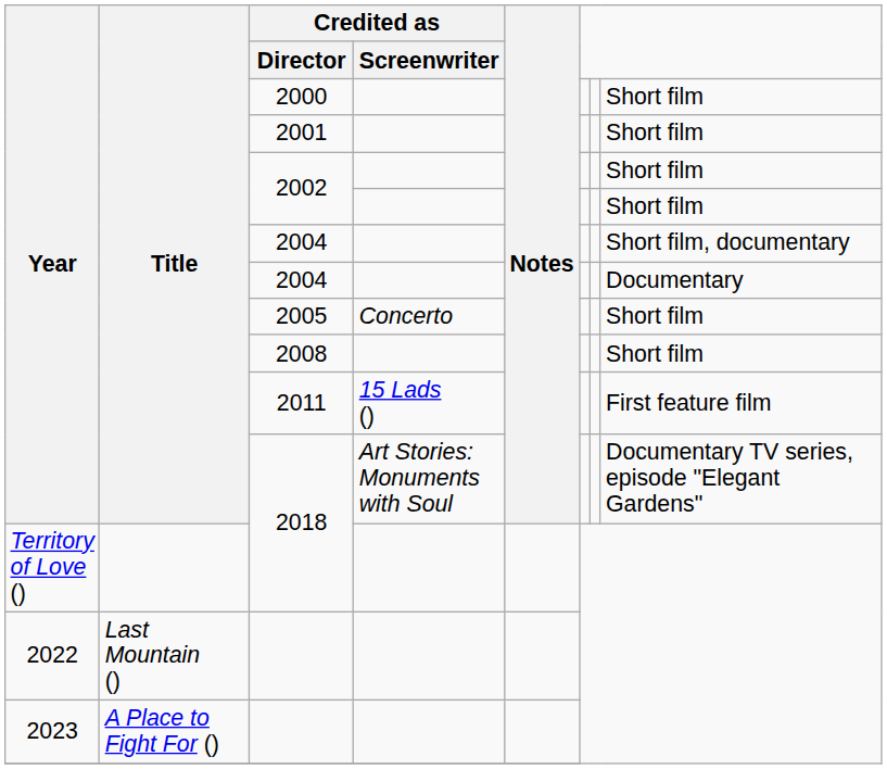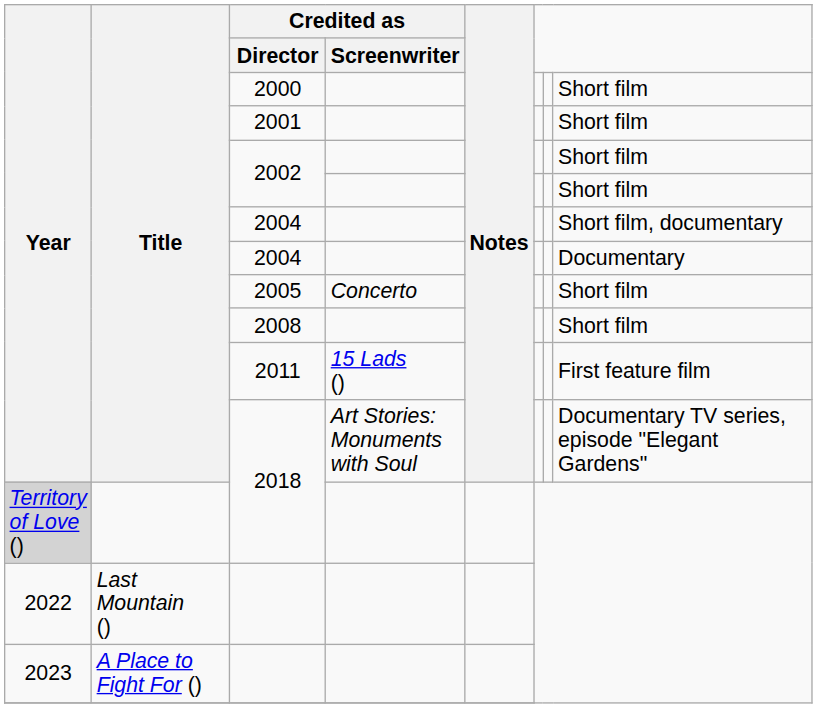 <table class="wikitable sortable">
 <tr>
 <th rowspan=12 width="33">Year</th>
 <th rowspan=12>Title</th>
 <th colspan=2>Credited as</th>
 <th rowspan=12>Notes</th>
 </tr>
 <tr>
 <th width=65>Director</th>
 <th width=65>Screenwriter</th>
 </tr>
 <tr>
 <td align="center">2000</td>
 <td></td>
 <td></td>
 <td></td>
 <td>Short film</td>
 </tr>
 <tr>
 <td align="center">2001</td>
 <td></td>
 <td></td>
 <td></td>
 <td>Short film</td>
 </tr>
 <tr>
 <td align="center" rowspan=2>2002</td>
 <td></td>
 <td></td>
 <td></td>
 <td>Short film</td>
 </tr>
 <tr>
 <td></td>
 <td></td>
 <td></td>
 <td>Short film</td>
 </tr>
 <tr>
 <td align="center">2004</td>
 <td></td>
 <td></td>
 <td></td>
 <td>Short film, documentary</td>
 </tr>
 <tr>
 <td align="center">2004</td>
 <td></td>
 <td></td>
 <td></td>
 <td>Documentary</td>
 </tr>
 <tr>
 <td align="center">2005</td>
 <td><em>Concerto</em></td>
 <td></td>
 <td></td>
 <td>Short film</td>
 </tr>
 <tr>
 <td align="center">2008</td>
 <td></td>
 <td></td>
 <td></td>
 <td>Short film</td>
 </tr>
 <tr>
 <td align="center">2011</td>
 <td><em><a href='#'>15 Lads</a></em> <br> ()</td>
 <td></td>
 <td></td>
 <td>First feature film</td>
 </tr>
 <tr>
 <td align="center" rowspan=2>2018</td>
 <td><em>Art Stories: Monuments with Soul</em></td>
 <td></td>
 <td></td>
 <td>Documentary TV series, episode "Elegant Gardens"</td>
 </tr>
 <tr>
-<td><em><a href='#'>Territory of Love</a></em> <br> ()</td>
+<td style="background: lightgrey;"><em><a href='#'>Territory of Love</a></em> <br> ()</td>
 <td></td>
 <td></td>
 <td></td>
 </tr>
 <tr>
 <td align="center">2022</td>
 <td><em>Last Mountain</em> <br> ()</td>
 <td></td>
 <td></td>
 <td></td>
 </tr>
 <tr>
 <td align="center">2023</td>
 <td><em><a href='#'>A Place to Fight For</a></em> ()</td>
 <td></td>
 <td></td>
 <td></td>
 </tr>
 <tr>
 </tr>
 </table>
